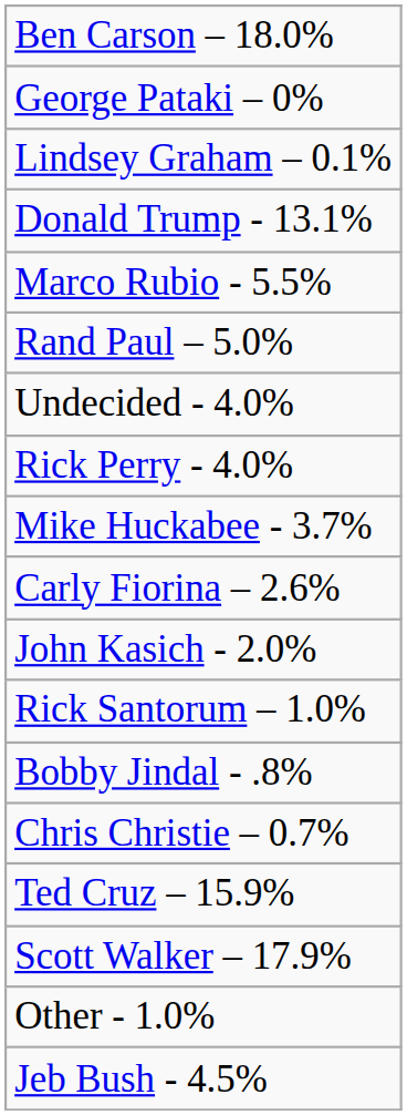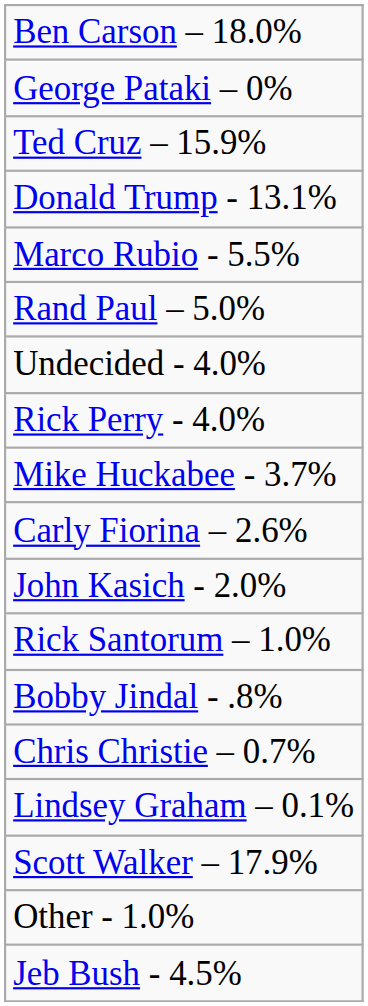 <table class="wikitable sortable">
 <tr>
 <td><a href='#'>Ben Carson</a> – 18.0%</td>
 </tr>
 <tr>
 <td><a href='#'>George Pataki</a> – 0%</td>
 </tr>
 <tr>
-<td><a href='#'>Lindsey Graham</a> – 0.1%</td>
+<td><a href='#'>Ted Cruz</a> – 15.9%</td>
 </tr>
 <tr>
 <td><a href='#'>Donald Trump</a> - 13.1%</td>
 </tr>
 <tr>
 <td><a href='#'>Marco Rubio</a> - 5.5%</td>
 </tr>
 <tr>
 <td><a href='#'>Rand Paul</a> – 5.0%</td>
 </tr>
 <tr>
 <td>Undecided - 4.0%</td>
 </tr>
 <tr>
 <td><a href='#'>Rick Perry</a> - 4.0%</td>
 </tr>
 <tr>
 <td><a href='#'>Mike Huckabee</a> - 3.7%</td>
 </tr>
 <tr>
 <td><a href='#'>Carly Fiorina</a> – 2.6%</td>
 </tr>
 <tr>
 <td><a href='#'>John Kasich</a> - 2.0%</td>
 </tr>
 <tr>
 <td><a href='#'>Rick Santorum</a> – 1.0%</td>
 </tr>
 <tr>
 <td><a href='#'>Bobby Jindal</a> - .8%</td>
 </tr>
 <tr>
 <td><a href='#'>Chris Christie</a> – 0.7%</td>
 </tr>
 <tr>
-<td><a href='#'>Ted Cruz</a> – 15.9%</td>
+<td><a href='#'>Lindsey Graham</a> – 0.1%</td>
 </tr>
 <tr>
 <td><a href='#'>Scott Walker</a> – 17.9%</td>
 </tr>
 <tr>
 <td>Other - 1.0%</td>
 </tr>
 <tr>
 <td><a href='#'>Jeb Bush</a> - 4.5%</td>
 </tr>
 </table>
